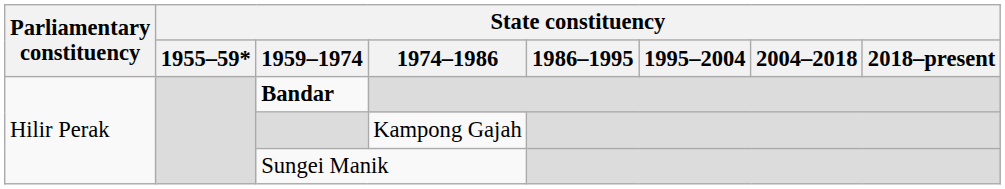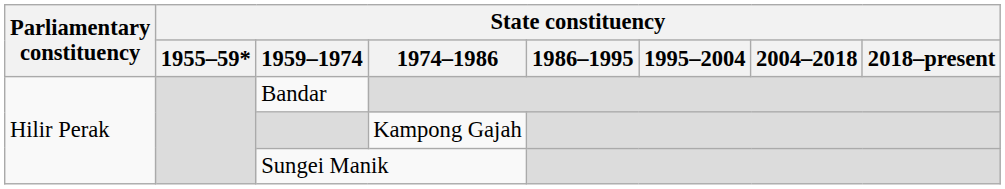 <table class="wikitable">
 <tr>
 <th rowspan="2">Parliamentary<br>constituency</th>
 <th colspan="7">State constituency</th>
 </tr>
 <tr>
 <th>1955–59*</th>
 <th>1959–1974</th>
 <th>1974–1986</th>
 <th>1986–1995</th>
 <th>1995–2004</th>
 <th>2004–2018</th>
 <th>2018–present</th>
 </tr>
 <tr>
 <td rowspan="3">Hilir Perak</td>
 <td rowspan="3" bgcolor="dcdcdc"></td>
-<td><strong>Bandar</strong></td>
+<td>Bandar</td>
 <td colspan="5" bgcolor="dcdcdc"></td>
 </tr>
 <tr>
 <td bgcolor="dcdcdc"></td>
 <td>Kampong Gajah</td>
 <td colspan="4" bgcolor="dcdcdc"></td>
 </tr>
 <tr>
 <td colspan="2">Sungei Manik</td>
 <td colspan="4" bgcolor="dcdcdc"></td>
 </tr>
 </table>
